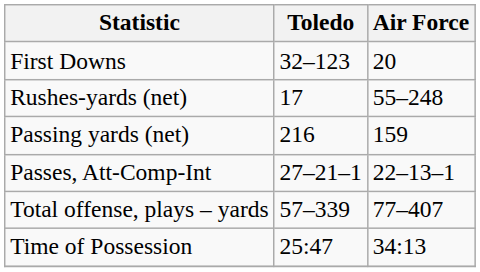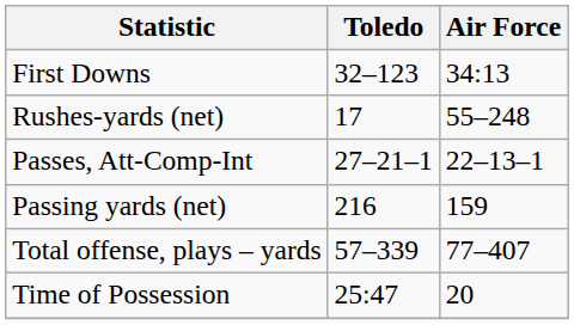 <table class="wikitable">
 <tr>
 <th>Statistic</th>
 <th><strong>Toledo</strong></th>
 <th><strong>Air Force</strong></th>
 </tr>
 <tr>
 <td>First Downs</td>
 <td>32–123</td>
-<td>20</td>
+<td>34:13</td>
 </tr>
 <tr>
 <td>Rushes-yards (net)</td>
 <td>17</td>
 <td>55–248</td>
 </tr>
 <tr>
+<td>Passes, Att-Comp-Int</td>
+<td>27–21–1</td>
+<td>22–13–1</td>
+</tr>
+<tr>
 <td>Passing yards (net)</td>
 <td>216</td>
 <td>159</td>
-</tr>
-<tr>
-<td>Passes, Att-Comp-Int</td>
-<td>27–21–1</td>
-<td>22–13–1</td>
 </tr>
 <tr>
 <td>Total offense, plays – yards</td>
 <td>57–339</td>
 <td>77–407</td>
 </tr>
 <tr>
 <td>Time of Possession</td>
 <td>25:47</td>
-<td>34:13</td>
+<td>20</td>
 </tr>
 <tr>
 </tr>
 </table>
